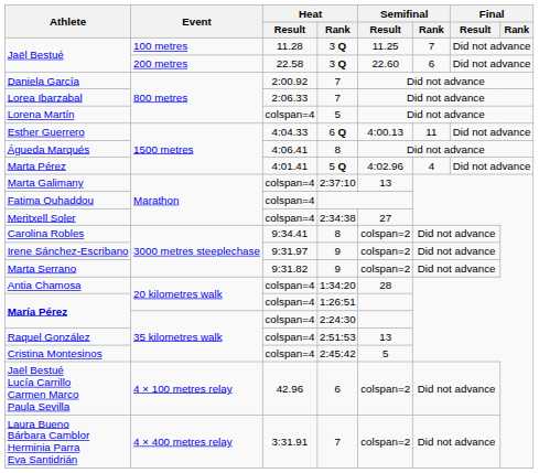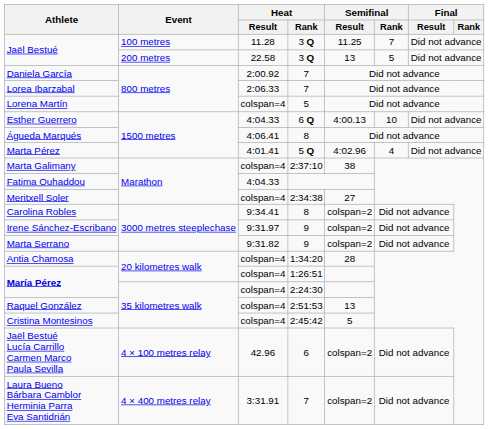 <table class="wikitable" style="font-size:90%">
 <tr>
 <th rowspan="2">Athlete</th>
 <th rowspan="2">Event</th>
 <th colspan="2">Heat</th>
 <th colspan="2">Semifinal</th>
 <th colspan="2">Final</th>
 </tr>
 <tr style="font-size:95%">
 <th>Result</th>
 <th>Rank</th>
 <th>Result</th>
 <th>Rank</th>
 <th>Result</th>
 <th>Rank</th>
 </tr>
 <tr align=center>
 <td align=left rowspan=2><a href='#'>Jaël Bestué</a></td>
 <td align=left><a href='#'>100 metres</a></td>
 <td>11.28</td>
 <td>3 <strong>Q</strong></td>
 <td>11.25</td>
 <td>7</td>
 <td colspan=2>Did not advance</td>
 </tr>
 <tr align=center>
 <td align=left><a href='#'>200 metres</a></td>
 <td>22.58</td>
 <td>3 <strong>Q</strong></td>
-<td>22.60</td>
-<td>6</td>
+<td>13</td>
+<td>5</td>
 <td colspan=2>Did not advance</td>
 </tr>
 <tr align=center>
 <td align=left><a href='#'>Daniela García</a></td>
 <td align=left rowspan=3><a href='#'>800 metres</a></td>
 <td>2:00.92</td>
 <td>7</td>
 <td colspan=4>Did not advance</td>
 </tr>
 <tr align=center>
 <td align=left><a href='#'>Lorea Ibarzabal</a></td>
 <td>2:06.33</td>
 <td>7</td>
 <td colspan=4>Did not advance</td>
 </tr>
 <tr align=center>
 <td align=left><a href='#'>Lorena Martín</a></td>
 <td>colspan=4</td>
 <td>5</td>
 <td colspan=4>Did not advance</td>
 </tr>
 <tr align=center>
 <td align=left><a href='#'>Esther Guerrero</a></td>
 <td align=left rowspan=3><a href='#'>1500 metres</a></td>
 <td>4:04.33</td>
 <td>6 <strong>Q</strong></td>
 <td>4:00.13 </td>
-<td>11</td>
+<td>10</td>
 <td colspan=2>Did not advance</td>
 </tr>
 <tr align=center>
 <td align=left><a href='#'>Águeda Marqués</a></td>
 <td>4:06.41</td>
 <td>8</td>
 <td colspan=4>Did not advance</td>
 </tr>
 <tr align=center>
 <td align=left><a href='#'>Marta Pérez</a></td>
 <td>4:01.41 </td>
 <td>5 <strong>Q</strong></td>
 <td>4:02.96</td>
 <td>4</td>
 <td colspan=2>Did not advance</td>
 </tr>
 <tr align=center>
 <td align=left><a href='#'>Marta Galimany</a></td>
 <td align=left rowspan=3><a href='#'>Marathon</a></td>
 <td>colspan=4</td>
 <td>2:37:10 </td>
-<td>13</td>
+<td>38</td>
 </tr>
 <tr align=center>
 <td align=left><a href='#'>Fatima Ouhaddou</a></td>
-<td>colspan=4</td>
+<td>4:04.33</td>
 <td colspan=2></td>
 </tr>
 <tr align=center>
 <td align=left><a href='#'>Meritxell Soler</a></td>
 <td>colspan=4</td>
 <td>2:34:38</td>
 <td>27</td>
 </tr>
 <tr align=center>
 <td align=left><a href='#'>Carolina Robles</a></td>
 <td align=left rowspan=3><a href='#'>3000 metres steeplechase</a></td>
 <td>9:34.41</td>
 <td>8</td>
 <td>colspan=2</td>
 <td colspan=2>Did not advance</td>
 </tr>
 <tr align=center>
 <td align=left><a href='#'>Irene Sánchez-Escribano</a></td>
 <td>9:31.97</td>
 <td>9</td>
 <td>colspan=2</td>
 <td colspan=2>Did not advance</td>
 </tr>
 <tr align=center>
 <td align=left><a href='#'>Marta Serrano</a></td>
 <td>9:31.82</td>
 <td>9</td>
 <td>colspan=2</td>
 <td colspan=2>Did not advance</td>
 </tr>
 <tr align=center>
 <td align=left><a href='#'>Antia Chamosa</a></td>
 <td align=left rowspan=2><a href='#'>20 kilometres walk</a></td>
 <td>colspan=4</td>
 <td>1:34:20</td>
 <td>28</td>
 </tr>
 <tr align=center>
 <td align=left rowspan=2><strong><a href='#'>María Pérez</a></strong></td>
 <td>colspan=4</td>
 <td>1:26:51</td>
 <td></td>
 </tr>
 <tr align=center>
 <td align=left rowspan=3><a href='#'>35 kilometres walk</a></td>
 <td>colspan=4</td>
 <td>2:24:30  <strong></strong></td>
 <td></td>
 </tr>
 <tr align=center>
 <td align=left><a href='#'>Raquel González</a></td>
 <td>colspan=4</td>
 <td>2:51:53</td>
 <td>13</td>
 </tr>
 <tr align=center>
 <td align=left><a href='#'>Cristina Montesinos</a></td>
 <td>colspan=4</td>
 <td>2:45:42 </td>
 <td>5</td>
 </tr>
 <tr align=center>
 <td align=left><a href='#'>Jaël Bestué</a><br><a href='#'>Lucía Carrillo</a><br><a href='#'>Carmen Marco</a><br><a href='#'>Paula Sevilla</a></td>
 <td align=left><a href='#'>4 × 100 metres relay</a></td>
 <td>42.96 </td>
 <td>6</td>
 <td>colspan=2</td>
 <td colspan=2>Did not advance</td>
 </tr>
 <tr align=center>
 <td align=left><a href='#'>Laura Bueno</a><br><a href='#'>Bárbara Camblor</a><br><a href='#'>Herminia Parra</a><br><a href='#'>Eva Santidrián</a></td>
 <td align=left><a href='#'>4 × 400 metres relay</a></td>
 <td>3:31.91</td>
 <td>7</td>
 <td>colspan=2</td>
 <td colspan=2>Did not advance</td>
 </tr>
 </table>
